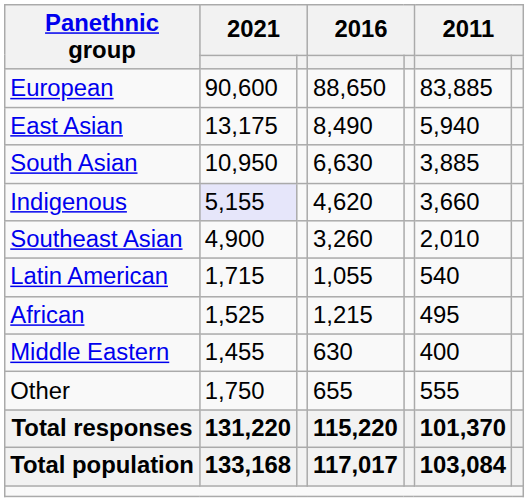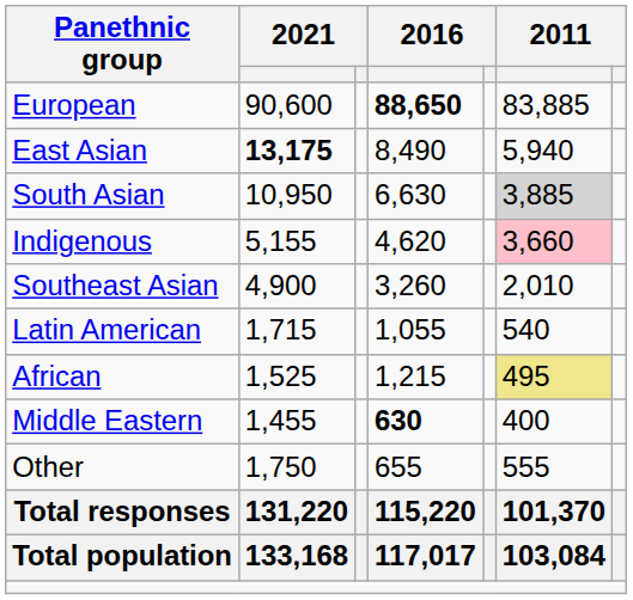 <table class="wikitable collapsible sortable">
 <tr>
 <th rowspan="2"><a href='#'>Panethnic</a><br>group</th>
 <th colspan="2">2021</th>
 <th colspan="2">2016</th>
 <th colspan="2">2011</th>
 </tr>
 <tr>
 <th><a href='#'></a></th>
 <th></th>
 <th></th>
 <th></th>
 <th></th>
 <th></th>
 </tr>
 <tr>
 <td><a href='#'>European</a></td>
 <td>90,600</td>
 <td></td>
-<td>88,650</td>
+<td><strong>88,650</strong></td>
 <td></td>
 <td>83,885</td>
 <td></td>
 </tr>
 <tr>
 <td><a href='#'>East Asian</a></td>
-<td>13,175</td>
+<td><strong>13,175</strong></td>
 <td></td>
 <td>8,490</td>
 <td></td>
 <td>5,940</td>
 <td></td>
 </tr>
 <tr>
 <td><a href='#'>South Asian</a></td>
 <td>10,950</td>
 <td></td>
 <td>6,630</td>
 <td></td>
-<td>3,885</td>
+<td style="background: lightgrey;">3,885</td>
 <td></td>
 </tr>
 <tr>
 <td><a href='#'>Indigenous</a></td>
-<td style="background: lavender;">5,155</td>
+<td>5,155</td>
 <td></td>
 <td>4,620</td>
 <td></td>
-<td>3,660</td>
+<td style="background: pink;">3,660</td>
 <td></td>
 </tr>
 <tr>
 <td><a href='#'>Southeast Asian</a></td>
 <td>4,900</td>
 <td></td>
 <td>3,260</td>
 <td></td>
 <td>2,010</td>
 <td></td>
 </tr>
 <tr>
 <td><a href='#'>Latin American</a></td>
 <td>1,715</td>
 <td></td>
 <td>1,055</td>
 <td></td>
 <td>540</td>
 <td></td>
 </tr>
 <tr>
 <td><a href='#'>African</a></td>
 <td>1,525</td>
 <td></td>
 <td>1,215</td>
 <td></td>
-<td>495</td>
+<td style="background: khaki;">495</td>
 <td></td>
 </tr>
 <tr>
 <td><a href='#'>Middle Eastern</a></td>
 <td>1,455</td>
 <td></td>
-<td>630</td>
+<td><strong>630</strong></td>
 <td></td>
 <td>400</td>
 <td></td>
 </tr>
 <tr>
 <td>Other</td>
 <td>1,750</td>
 <td></td>
 <td>655</td>
 <td></td>
 <td>555</td>
 <td></td>
 </tr>
 <tr>
 <th>Total responses</th>
 <th>131,220</th>
 <th></th>
 <th>115,220</th>
 <th></th>
 <th>101,370</th>
 <th></th>
 </tr>
 <tr>
 <th>Total population</th>
 <th>133,168</th>
 <th></th>
 <th>117,017</th>
 <th></th>
 <th>103,084</th>
 <th></th>
 </tr>
 <tr class="sortbottom">
 <td colspan="15"></td>
 </tr>
 </table>
